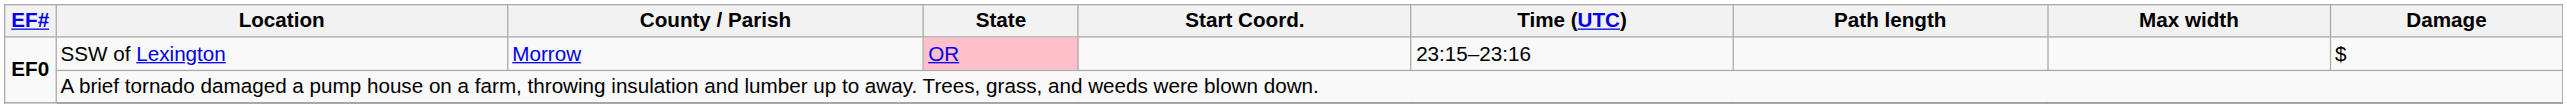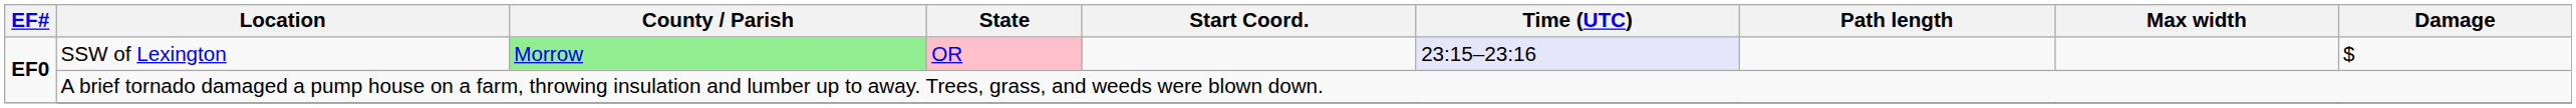 <table class="wikitable sortable" style="width:100%;">
 <tr>
 <th scope="col" width="2%" align="center"><a href='#'>EF#</a></th>
 <th scope="col" align="center" class="unsortable">Location</th>
 <th scope="col" align="center" class="unsortable">County / Parish</th>
 <th scope="col" align="center">State</th>
 <th scope="col" align="center" data-sort-type="number">Start Coord.</th>
 <th scope="col" align="center" data-sort-type="number">Time (<a href='#'>UTC</a>)</th>
 <th scope="col" align="center" data-sort-type="number">Path length</th>
 <th scope="col" align="center" data-sort-type="number">Max width</th>
 <th scope="col" align="center" data-sort-type="number">Damage<br></th>
 </tr>
 <tr>
 <td rowspan="2" align="center"><strong>EF0</strong></td>
 <td>SSW of <a href='#'>Lexington</a></td>
-<td><a href='#'>Morrow</a></td>
+<td style="background: lightgreen;"><a href='#'>Morrow</a></td>
 <td style="background: pink;"><a href='#'>OR</a></td>
 <td></td>
-<td>23:15–23:16</td>
+<td style="background: lavender;">23:15–23:16</td>
 <td></td>
 <td></td>
 <td>$</td>
 </tr>
 <tr class="expand-child">
 <td colspan="8" style=" border-bottom: 1px solid black;">A brief tornado damaged a pump house on a farm, throwing insulation and lumber up to  away. Trees, grass, and weeds were blown down.</td>
 </tr>
 <tr>
 </tr>
 </table>
